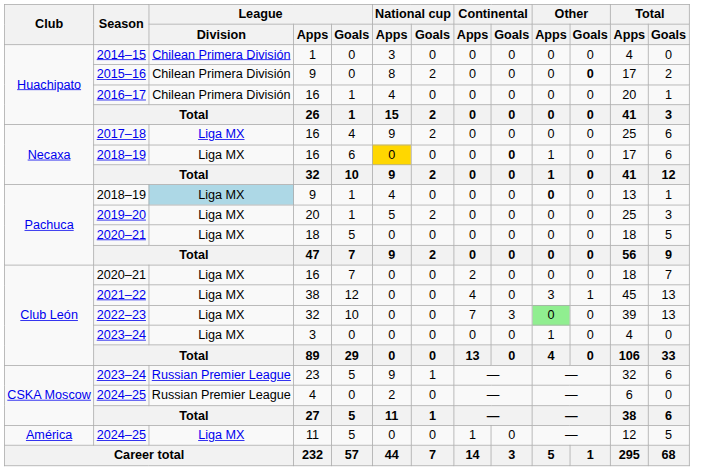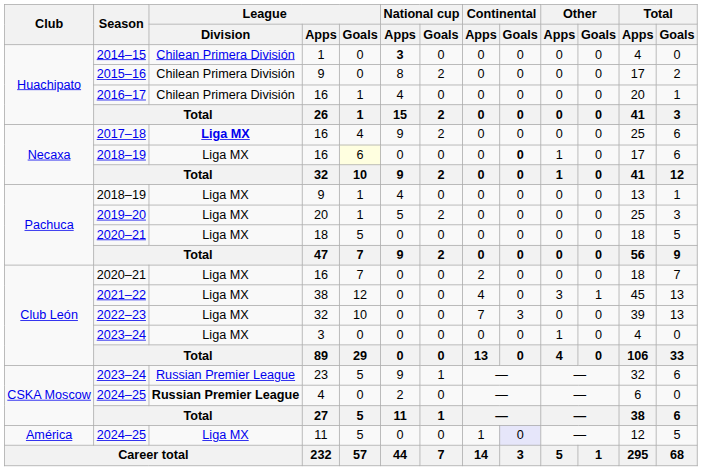 <table class="wikitable" style="text-align: center">
 <tr>
 <th rowspan=2>Club</th>
 <th rowspan=2>Season</th>
 <th colspan=3>League</th>
 <th colspan=2>National cup</th>
 <th colspan=2>Continental</th>
 <th colspan=2>Other</th>
 <th colspan=2>Total</th>
 </tr>
 <tr>
 <th>Division</th>
 <th>Apps</th>
 <th>Goals</th>
 <th>Apps</th>
 <th>Goals</th>
 <th>Apps</th>
 <th>Goals</th>
 <th>Apps</th>
 <th>Goals</th>
 <th>Apps</th>
 <th>Goals</th>
 </tr>
 <tr>
 <td rowspan="4"><a href='#'>Huachipato</a></td>
 <td><a href='#'>2014–15</a></td>
 <td><a href='#'>Chilean Primera División</a></td>
 <td>1</td>
 <td>0</td>
-<td>3</td>
+<td><strong>3</strong></td>
 <td>0</td>
 <td>0</td>
 <td>0</td>
 <td>0</td>
 <td>0</td>
 <td>4</td>
 <td>0</td>
 </tr>
 <tr>
 <td><a href='#'>2015–16</a></td>
 <td>Chilean Primera División</td>
 <td>9</td>
 <td>0</td>
 <td>8</td>
 <td>2</td>
 <td>0</td>
 <td>0</td>
 <td>0</td>
-<td><strong>0</strong></td>
+<td>0</td>
 <td>17</td>
 <td>2</td>
 </tr>
 <tr>
 <td><a href='#'>2016–17</a></td>
 <td>Chilean Primera División</td>
 <td>16</td>
 <td>1</td>
 <td>4</td>
 <td>0</td>
 <td>0</td>
 <td>0</td>
 <td>0</td>
 <td>0</td>
 <td>20</td>
 <td>1</td>
 </tr>
 <tr>
 <th colspan="2">Total</th>
 <th>26</th>
 <th>1</th>
 <th>15</th>
 <th>2</th>
 <th>0</th>
 <th>0</th>
 <th>0</th>
 <th>0</th>
 <th>41</th>
 <th>3</th>
 </tr>
 <tr>
 <td rowspan="3"><a href='#'>Necaxa</a></td>
 <td><a href='#'>2017–18</a></td>
-<td><a href='#'>Liga MX</a></td>
+<td><strong><a href='#'>Liga MX</a></strong></td>
 <td>16</td>
 <td>4</td>
 <td>9</td>
 <td>2</td>
 <td>0</td>
 <td>0</td>
 <td>0</td>
 <td>0</td>
 <td>25</td>
 <td>6</td>
 </tr>
 <tr>
 <td><a href='#'>2018–19</a></td>
 <td>Liga MX</td>
 <td>16</td>
-<td>6</td>
-<td style="background: gold;">0</td>
+<td style="background: lightyellow;">6</td>
+<td>0</td>
 <td>0</td>
 <td>0</td>
 <td><strong>0</strong></td>
 <td>1</td>
 <td>0</td>
 <td>17</td>
 <td>6</td>
 </tr>
 <tr>
 <th colspan="2">Total</th>
 <th>32</th>
 <th>10</th>
 <th>9</th>
 <th>2</th>
 <th>0</th>
 <th>0</th>
 <th>1</th>
 <th>0</th>
 <th>41</th>
 <th>12</th>
 </tr>
 <tr>
 <td rowspan="4"><a href='#'>Pachuca</a></td>
 <td>2018–19</td>
-<td style="background: lightblue;">Liga MX</td>
+<td>Liga MX</td>
 <td>9</td>
 <td>1</td>
 <td>4</td>
 <td>0</td>
 <td>0</td>
 <td>0</td>
-<td><strong>0</strong></td>
+<td>0</td>
 <td>0</td>
 <td>13</td>
 <td>1</td>
 </tr>
 <tr>
 <td><a href='#'>2019–20</a></td>
 <td>Liga MX</td>
 <td>20</td>
 <td>1</td>
 <td>5</td>
 <td>2</td>
 <td>0</td>
 <td>0</td>
 <td>0</td>
 <td>0</td>
 <td>25</td>
 <td>3</td>
 </tr>
 <tr>
 <td><a href='#'>2020–21</a></td>
 <td>Liga MX</td>
 <td>18</td>
 <td>5</td>
 <td>0</td>
 <td>0</td>
 <td>0</td>
 <td>0</td>
 <td>0</td>
 <td>0</td>
 <td>18</td>
 <td>5</td>
 </tr>
 <tr>
 <th colspan="2">Total</th>
 <th>47</th>
 <th>7</th>
 <th>9</th>
 <th>2</th>
 <th>0</th>
 <th>0</th>
 <th>0</th>
 <th>0</th>
 <th>56</th>
 <th>9</th>
 </tr>
 <tr>
 <td rowspan="5"><a href='#'>Club León</a></td>
 <td>2020–21</td>
 <td>Liga MX</td>
 <td>16</td>
 <td>7</td>
 <td>0</td>
 <td>0</td>
 <td>2</td>
 <td>0</td>
 <td>0</td>
 <td>0</td>
 <td>18</td>
 <td>7</td>
 </tr>
 <tr>
 <td><a href='#'>2021–22</a></td>
 <td>Liga MX</td>
 <td>38</td>
 <td>12</td>
 <td>0</td>
 <td>0</td>
 <td>4</td>
 <td>0</td>
 <td>3</td>
 <td>1</td>
 <td>45</td>
 <td>13</td>
 </tr>
 <tr>
 <td><a href='#'>2022–23</a></td>
 <td>Liga MX</td>
 <td>32</td>
 <td>10</td>
 <td>0</td>
 <td>0</td>
 <td>7</td>
 <td>3</td>
-<td style="background: lightgreen;">0</td>
+<td>0</td>
 <td>0</td>
 <td>39</td>
 <td>13</td>
 </tr>
 <tr>
 <td><a href='#'>2023–24</a></td>
 <td>Liga MX</td>
 <td>3</td>
 <td>0</td>
 <td>0</td>
 <td>0</td>
 <td>0</td>
 <td>0</td>
 <td>1</td>
 <td>0</td>
 <td>4</td>
 <td>0</td>
 </tr>
 <tr>
 <th colspan="2">Total</th>
 <th>89</th>
 <th>29</th>
 <th>0</th>
 <th>0</th>
 <th>13</th>
 <th>0</th>
 <th>4</th>
 <th>0</th>
 <th>106</th>
 <th>33</th>
 </tr>
 <tr>
 <td rowspan="3"><a href='#'>CSKA Moscow</a></td>
 <td><a href='#'>2023–24</a></td>
 <td><a href='#'>Russian Premier League</a></td>
 <td>23</td>
 <td>5</td>
 <td>9</td>
 <td>1</td>
 <td colspan="2">—</td>
 <td colspan="2">—</td>
 <td>32</td>
 <td>6</td>
 </tr>
 <tr>
 <td><a href='#'>2024–25</a></td>
-<td>Russian Premier League</td>
+<td><strong>Russian Premier League</strong></td>
 <td>4</td>
 <td>0</td>
 <td>2</td>
 <td>0</td>
 <td colspan="2">—</td>
 <td colspan="2">—</td>
 <td>6</td>
 <td>0</td>
 </tr>
 <tr>
 <th colspan="2">Total</th>
 <th>27</th>
 <th>5</th>
 <th>11</th>
 <th>1</th>
 <th colspan="2">—</th>
 <th colspan="2">—</th>
 <th>38</th>
 <th>6</th>
 </tr>
 <tr>
 <td><a href='#'>América</a></td>
 <td><a href='#'>2024–25</a></td>
 <td><a href='#'>Liga MX</a></td>
 <td>11</td>
 <td>5</td>
 <td>0</td>
 <td>0</td>
 <td>1</td>
-<td>0</td>
+<td style="background: lavender;">0</td>
 <td colspan="2">—</td>
 <td>12</td>
 <td>5</td>
 </tr>
 <tr>
 <th colspan="3">Career total</th>
 <th>232</th>
 <th>57</th>
 <th>44</th>
 <th>7</th>
 <th>14</th>
 <th>3</th>
 <th>5</th>
 <th>1</th>
 <th>295</th>
 <th>68</th>
 </tr>
 </table>
